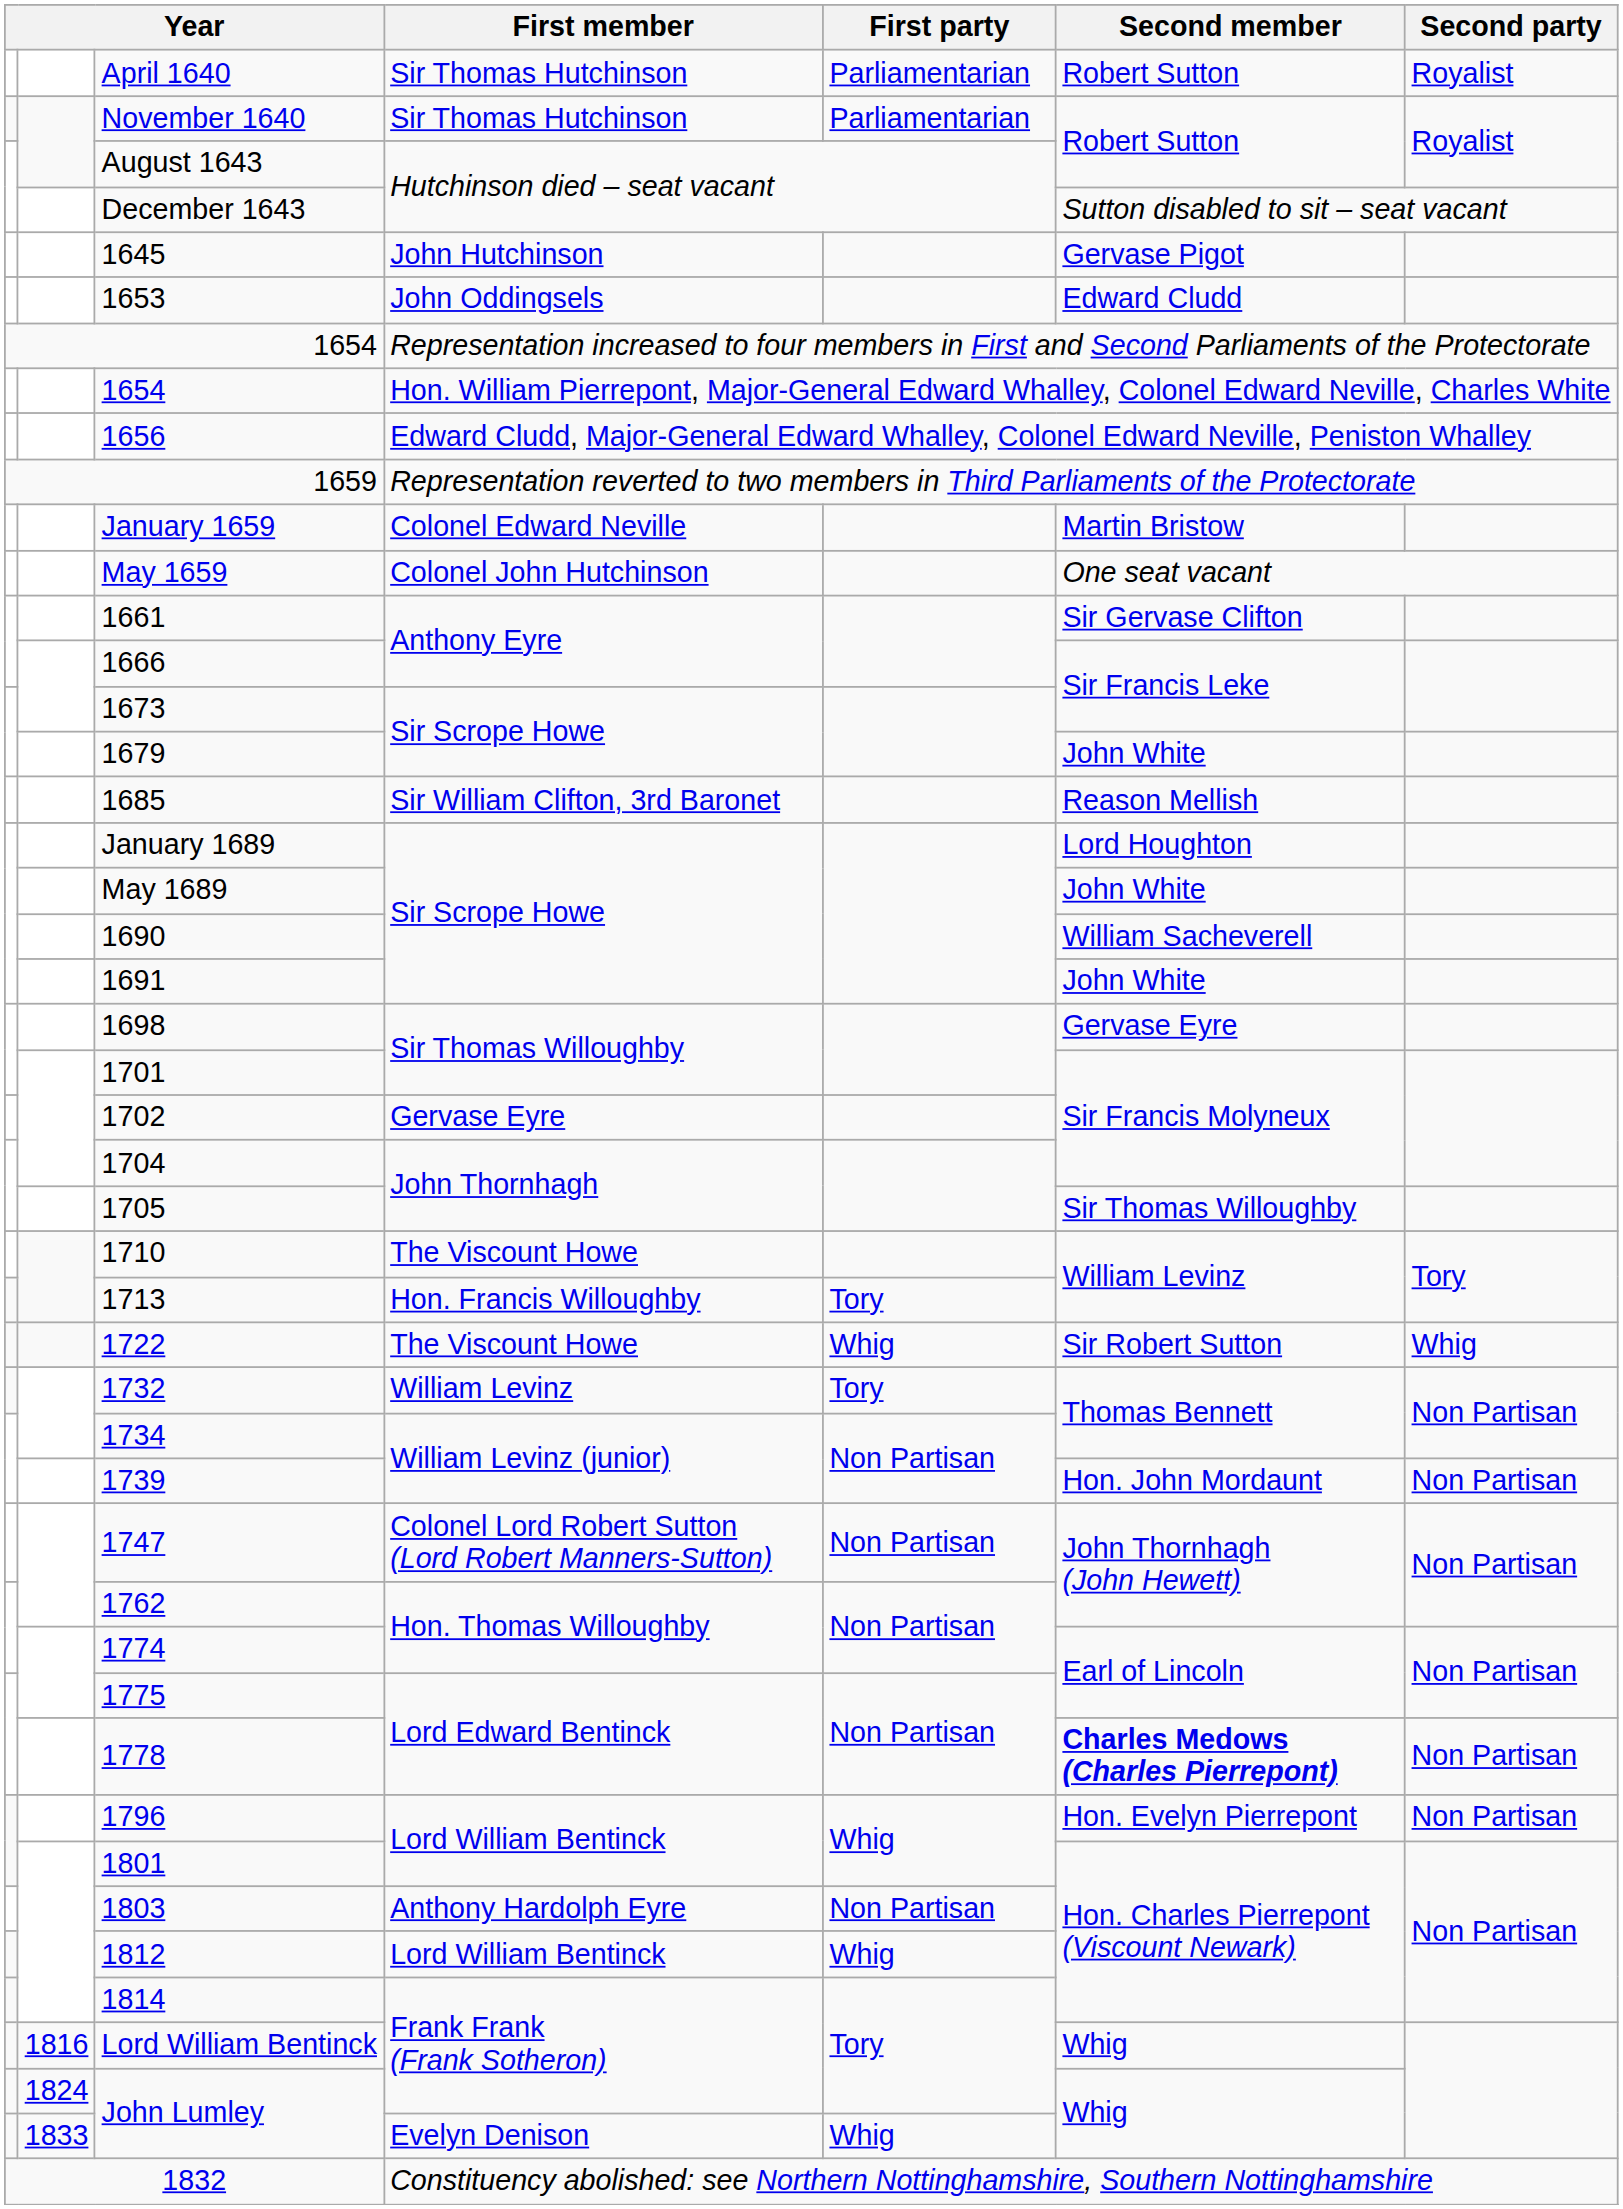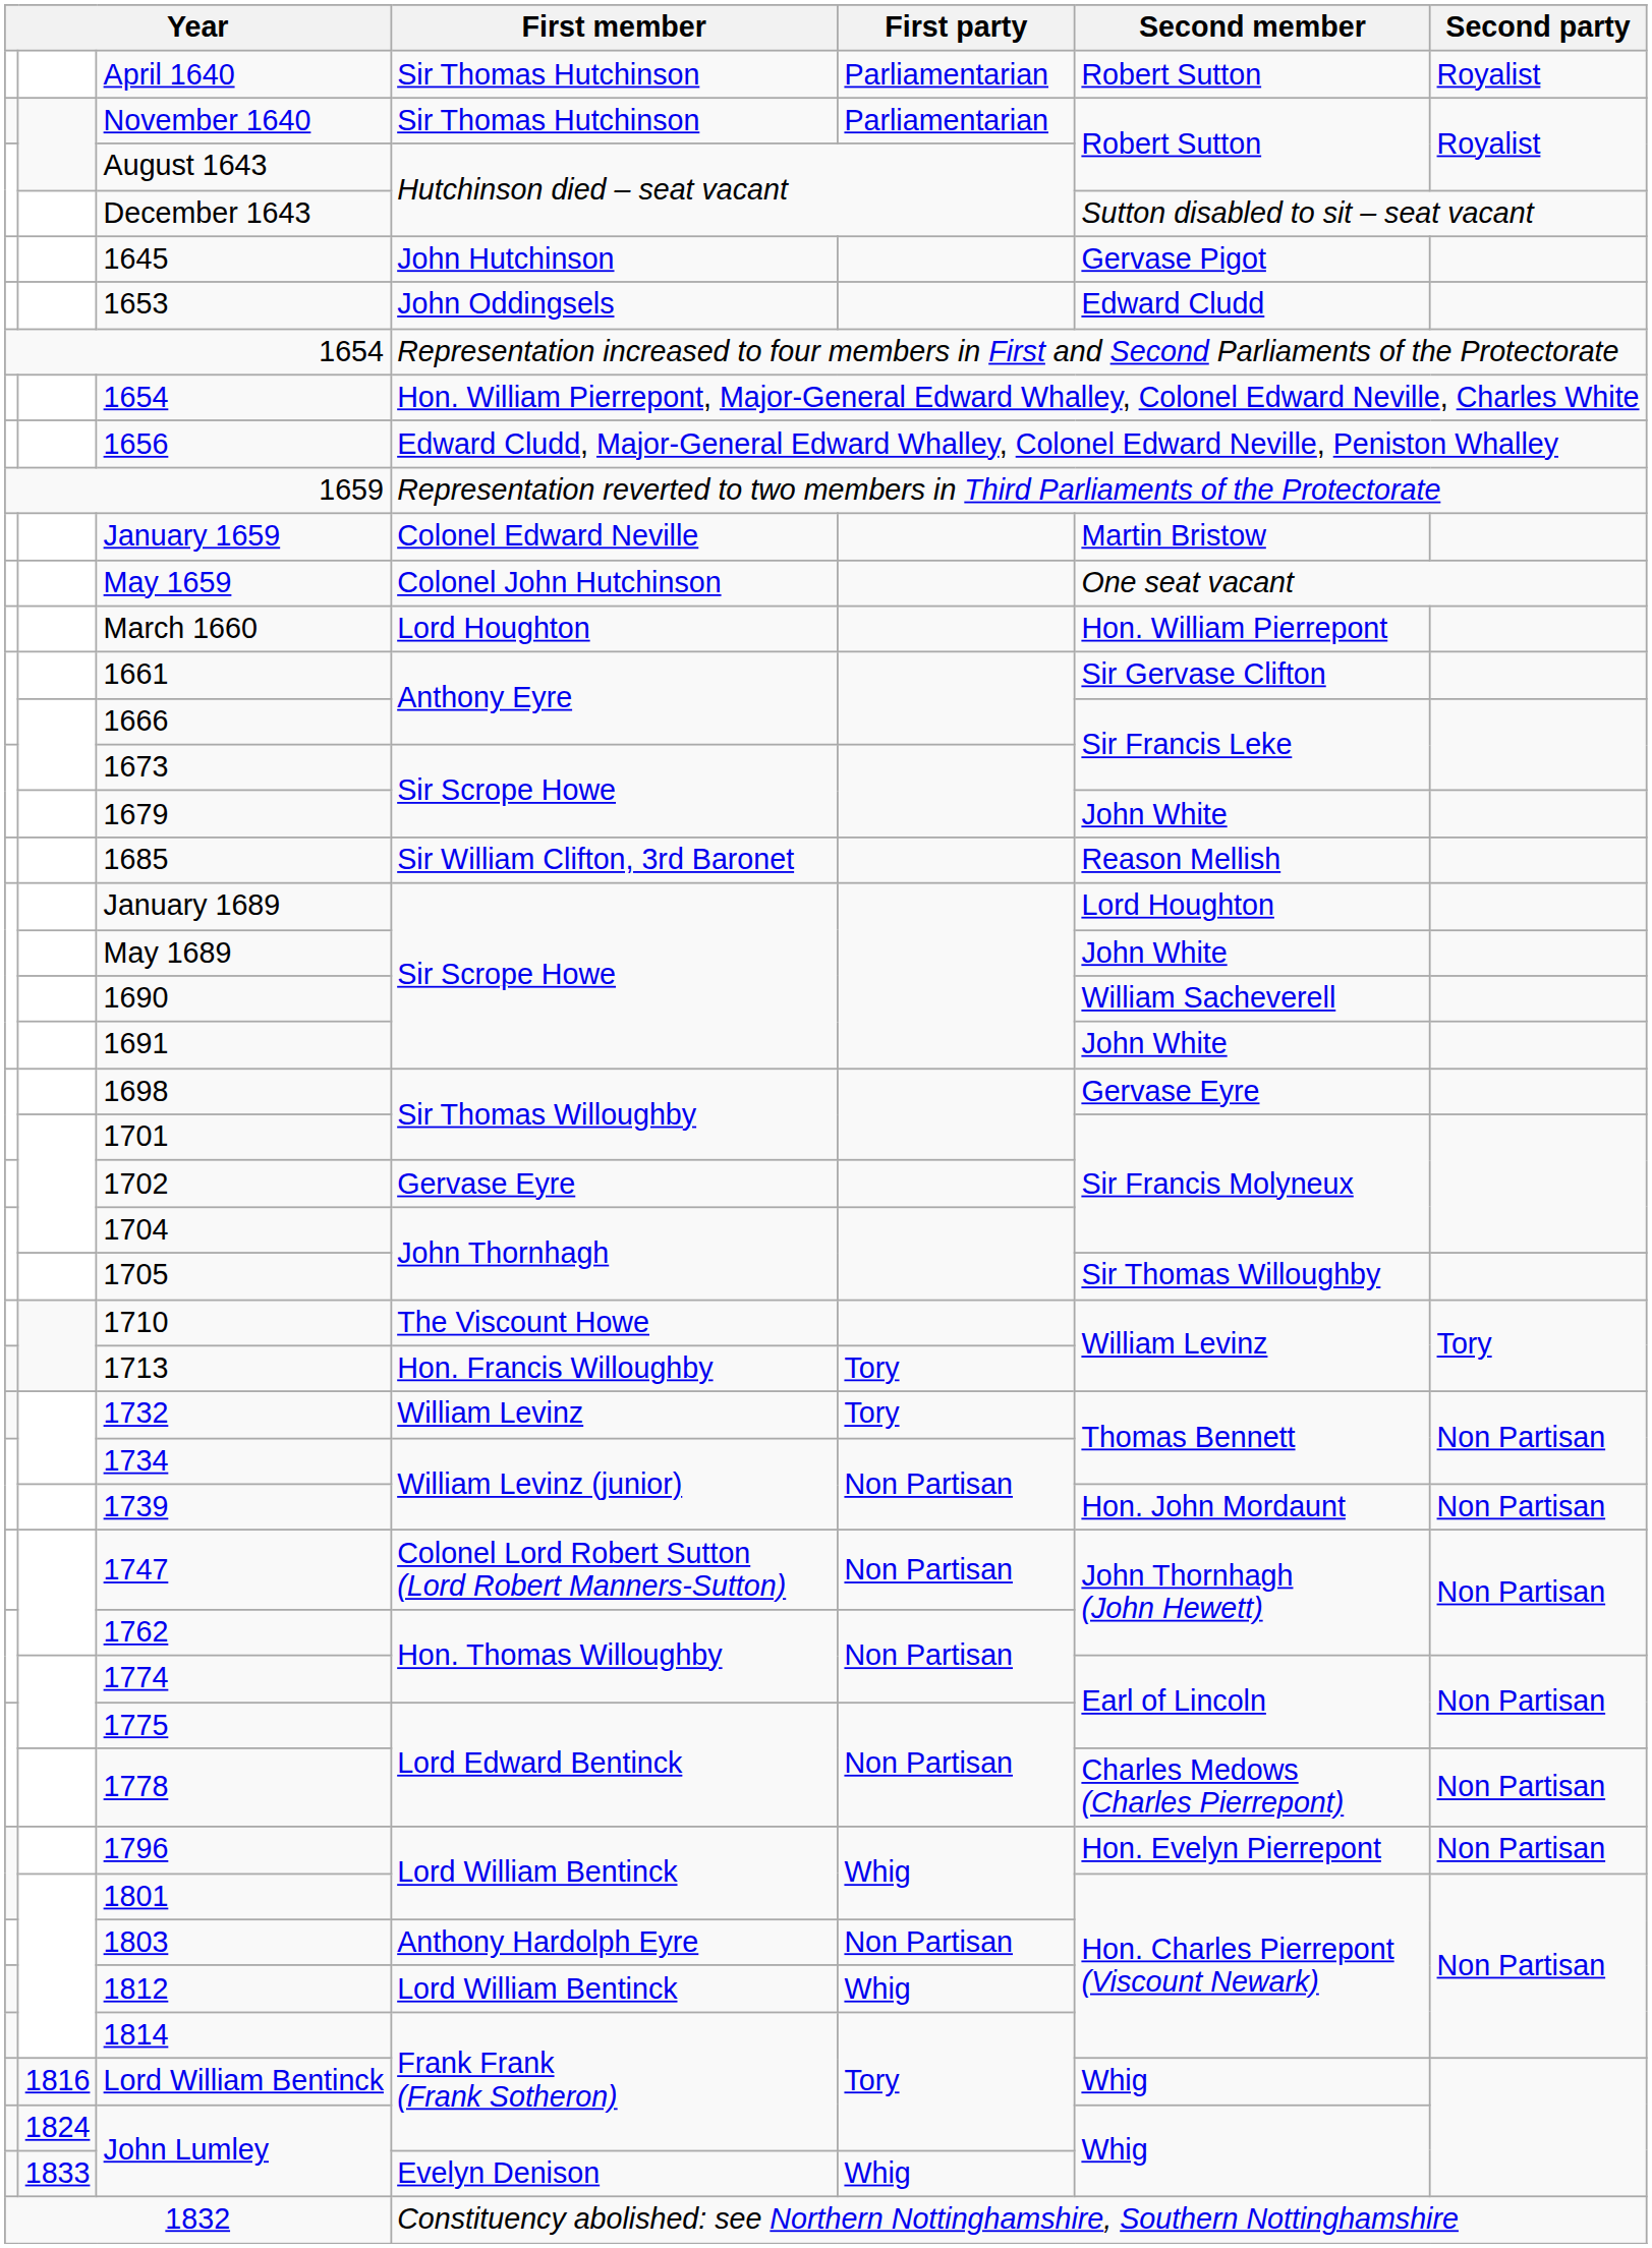 <table class="wikitable">
 <tr>
 <th colspan="3">Year</th>
 <th>First member</th>
 <th>First party</th>
 <th>Second member</th>
 <th>Second party</th>
 </tr>
 <tr>
 <td style="color:inherit;background-color: white"></td>
 <td style="color:inherit;background-color: white"></td>
 <td><a href='#'>April 1640</a></td>
 <td><a href='#'>Sir Thomas Hutchinson</a></td>
 <td><a href='#'>Parliamentarian</a></td>
 <td><a href='#'>Robert Sutton</a></td>
 <td><a href='#'>Royalist</a></td>
 </tr>
 <tr>
 <td style="color:inherit;background-color: "></td>
 <td rowspan="2" style="color:inherit;background-color: "></td>
 <td><a href='#'>November 1640</a></td>
 <td><a href='#'>Sir Thomas Hutchinson</a></td>
 <td><a href='#'>Parliamentarian</a></td>
 <td rowspan="2"><a href='#'>Robert Sutton</a></td>
 <td rowspan="2"><a href='#'>Royalist</a></td>
 </tr>
 <tr>
 <td rowspan="2" style="color:inherit;background-color: white"></td>
 <td>August 1643</td>
 <td rowspan="2" colspan="2"><em>Hutchinson died – seat vacant</em></td>
 </tr>
 <tr>
 <td style="color:inherit;background-color: white"></td>
 <td>December 1643</td>
 <td colspan="2"><em>Sutton disabled to sit – seat vacant</em></td>
 </tr>
 <tr>
 <td style="color:inherit;background-color: white"></td>
 <td style="color:inherit;background-color: white"></td>
 <td>1645</td>
 <td><a href='#'>John Hutchinson</a></td>
 <td></td>
 <td><a href='#'>Gervase Pigot</a></td>
 <td></td>
 </tr>
 <tr>
 <td style="color:inherit;background-color: white"></td>
 <td style="color:inherit;background-color: white"></td>
 <td>1653</td>
 <td><a href='#'>John Oddingsels</a></td>
 <td></td>
 <td><a href='#'>Edward Cludd</a></td>
 <td></td>
 </tr>
 <tr>
 <td colspan="3" align="right">1654</td>
 <td colspan="4"><em>Representation increased to four members in <a href='#'>First</a> and <a href='#'>Second</a> Parliaments of the Protectorate</em></td>
 </tr>
 <tr>
 <td style="color:inherit;background-color: white"></td>
 <td style="color:inherit;background-color: white"></td>
 <td><a href='#'>1654</a></td>
 <td colspan="4"><a href='#'>Hon. William Pierrepont</a>, <a href='#'>Major-General Edward Whalley</a>, <a href='#'>Colonel Edward Neville</a>, <a href='#'>Charles White</a></td>
 </tr>
 <tr>
 <td style="color:inherit;background-color: white"></td>
 <td style="color:inherit;background-color: white"></td>
 <td><a href='#'>1656</a></td>
 <td colspan="4"><a href='#'>Edward Cludd</a>, <a href='#'>Major-General Edward Whalley</a>, <a href='#'>Colonel Edward Neville</a>, <a href='#'>Peniston Whalley</a></td>
 </tr>
 <tr>
 <td colspan="3" align="right">1659</td>
 <td colspan="4"><em>Representation reverted to two members in <a href='#'>Third Parliaments of the Protectorate</a></em></td>
 </tr>
 <tr>
 <td style="color:inherit;background-color: white"></td>
 <td style="color:inherit;background-color: white"></td>
 <td><a href='#'>January 1659</a></td>
 <td><a href='#'>Colonel Edward Neville</a></td>
 <td></td>
 <td><a href='#'>Martin Bristow</a></td>
 <td></td>
 </tr>
 <tr>
 <td style="color:inherit;background-color: white"></td>
 <td style="color:inherit;background-color: white"></td>
 <td><a href='#'>May 1659</a></td>
 <td><a href='#'>Colonel John Hutchinson</a></td>
 <td></td>
 <td colspan="2"><em>One seat vacant</em></td>
+</tr>
+<tr>
+<td style="color:inherit;background-color: white"></td>
+<td style="color:inherit;background-color: white"></td>
+<td>March 1660</td>
+<td><a href='#'>Lord Houghton</a></td>
+<td></td>
+<td><a href='#'>Hon. William Pierrepont</a></td>
+<td></td>
 </tr>
 <tr>
 <td rowspan="2" style="color:inherit;background-color: white"></td>
 <td style="color:inherit;background-color: white"></td>
 <td>1661</td>
 <td rowspan="2"><a href='#'>Anthony Eyre</a></td>
 <td rowspan="2"></td>
 <td><a href='#'>Sir Gervase Clifton</a></td>
 <td></td>
 </tr>
 <tr>
 <td rowspan="2" style="color:inherit;background-color: white"></td>
 <td>1666</td>
 <td rowspan="2"><a href='#'>Sir Francis Leke</a></td>
 <td rowspan="2"></td>
 </tr>
 <tr>
 <td rowspan="2" style="color:inherit;background-color: white"></td>
 <td>1673</td>
 <td rowspan="2"><a href='#'>Sir Scrope Howe</a></td>
 <td rowspan="2"></td>
 </tr>
 <tr>
 <td style="color:inherit;background-color: white"></td>
 <td>1679</td>
 <td><a href='#'>John White</a></td>
 <td></td>
 </tr>
 <tr>
 <td style="color:inherit;background-color: white"></td>
 <td style="color:inherit;background-color: white"></td>
 <td>1685</td>
 <td><a href='#'>Sir William Clifton, 3rd Baronet</a></td>
 <td></td>
 <td><a href='#'>Reason Mellish</a></td>
 <td></td>
 </tr>
 <tr>
 <td rowspan="4" style="color:inherit;background-color: white"></td>
 <td style="color:inherit;background-color: white"></td>
 <td>January 1689</td>
 <td rowspan="4"><a href='#'>Sir Scrope Howe</a></td>
 <td rowspan="4"></td>
 <td><a href='#'>Lord Houghton</a></td>
 <td></td>
 </tr>
 <tr>
 <td style="color:inherit;background-color: white"></td>
 <td>May 1689</td>
 <td><a href='#'>John White</a></td>
 <td></td>
 </tr>
 <tr>
 <td style="color:inherit;background-color: white"></td>
 <td>1690</td>
 <td><a href='#'>William Sacheverell</a></td>
 <td></td>
 </tr>
 <tr>
 <td style="color:inherit;background-color: white"></td>
 <td>1691</td>
 <td><a href='#'>John White</a></td>
 <td></td>
 </tr>
 <tr>
 <td rowspan="2" style="color:inherit;background-color: white"></td>
 <td style="color:inherit;background-color: white"></td>
 <td>1698</td>
 <td rowspan="2"><a href='#'>Sir Thomas Willoughby</a></td>
 <td rowspan="2"></td>
 <td><a href='#'>Gervase Eyre</a></td>
 <td></td>
 </tr>
 <tr>
 <td rowspan="3" style="color:inherit;background-color: white"></td>
 <td>1701</td>
 <td rowspan="3"><a href='#'>Sir Francis Molyneux</a></td>
 <td rowspan="3"></td>
 </tr>
 <tr>
 <td style="color:inherit;background-color: white"></td>
 <td>1702</td>
 <td><a href='#'>Gervase Eyre</a></td>
 <td></td>
 </tr>
 <tr>
 <td rowspan="2" style="color:inherit;background-color: white"></td>
 <td>1704</td>
 <td rowspan="2"><a href='#'>John Thornhagh</a></td>
 <td rowspan="2"></td>
 </tr>
 <tr>
 <td style="color:inherit;background-color: white"></td>
 <td>1705</td>
 <td><a href='#'>Sir Thomas Willoughby</a></td>
 <td></td>
 </tr>
 <tr>
 <td style="color:inherit;background-color: white"></td>
 <td rowspan="2" style="color:inherit;background-color: "></td>
 <td>1710</td>
 <td><a href='#'>The Viscount Howe</a></td>
 <td></td>
 <td rowspan="2"><a href='#'>William Levinz</a></td>
 <td rowspan="2"><a href='#'>Tory</a></td>
 </tr>
 <tr>
 <td style="color:inherit;background-color: "></td>
 <td>1713</td>
 <td><a href='#'>Hon. Francis Willoughby</a></td>
 <td><a href='#'>Tory</a></td>
 </tr>
 <tr>
 <td style="color:inherit;background-color: "></td>
-<td style="color:inherit;background-color: "></td>
-<td><a href='#'>1722</a></td>
-<td><a href='#'>The Viscount Howe</a></td>
-<td><a href='#'>Whig</a></td>
-<td><a href='#'>Sir Robert Sutton</a></td>
-<td><a href='#'>Whig</a></td>
-</tr>
-<tr>
-<td style="color:inherit;background-color: "></td>
 <td style="color:inherit;background-color: white" rowspan="2"></td>
 <td><a href='#'>1732</a></td>
 <td><a href='#'>William Levinz</a></td>
 <td><a href='#'>Tory</a></td>
 <td rowspan="2"><a href='#'>Thomas Bennett</a></td>
 <td rowspan="2"><a href='#'>Non Partisan</a></td>
 </tr>
 <tr>
 <td style="color:inherit;background-color: white" rowspan="2"></td>
 <td><a href='#'>1734</a></td>
 <td rowspan="2"><a href='#'>William Levinz (junior)</a></td>
 <td rowspan="2"><a href='#'>Non Partisan</a></td>
 </tr>
 <tr>
 <td style="color:inherit;background-color: white"></td>
 <td><a href='#'>1739</a></td>
 <td><a href='#'>Hon. John Mordaunt</a></td>
 <td><a href='#'>Non Partisan</a></td>
 </tr>
 <tr>
 <td style="color:inherit;background-color: white"></td>
 <td style="color:inherit;background-color: white" rowspan="2"></td>
 <td><a href='#'>1747</a></td>
 <td><a href='#'>Colonel Lord Robert Sutton<br><em>(Lord Robert Manners-Sutton)</em></a></td>
 <td><a href='#'>Non Partisan</a></td>
 <td rowspan="2"><a href='#'>John Thornhagh<br><em>(John Hewett)</em></a></td>
 <td rowspan="2"><a href='#'>Non Partisan</a></td>
 </tr>
 <tr>
 <td style="color:inherit;background-color: white" rowspan="2"></td>
 <td><a href='#'>1762</a></td>
 <td rowspan="2"><a href='#'>Hon. Thomas Willoughby</a></td>
 <td rowspan="2"><a href='#'>Non Partisan</a></td>
 </tr>
 <tr>
 <td style="color:inherit;background-color: white" rowspan="2"></td>
 <td><a href='#'>1774</a></td>
 <td rowspan="2"><a href='#'>Earl of Lincoln</a></td>
 <td rowspan="2"><a href='#'>Non Partisan</a></td>
 </tr>
 <tr>
 <td style="color:inherit;background-color: white" rowspan="2"></td>
 <td><a href='#'>1775</a></td>
 <td rowspan="2"><a href='#'>Lord Edward Bentinck</a></td>
 <td rowspan="2"><a href='#'>Non Partisan</a></td>
 </tr>
 <tr>
 <td style="color:inherit;background-color: white"></td>
 <td><a href='#'>1778</a></td>
-<td><strong><a href='#'>Charles Medows<br><em>(Charles Pierrepont)</em></a></strong></td>
+<td><a href='#'>Charles Medows<br><em>(Charles Pierrepont)</em></a></td>
 <td><a href='#'>Non Partisan</a></td>
 </tr>
 <tr>
 <td rowspan="2" style="color:inherit;background-color: "></td>
 <td style="color:inherit;background-color: white"></td>
 <td><a href='#'>1796</a></td>
 <td rowspan="2"><a href='#'>Lord William Bentinck</a></td>
 <td rowspan="2"><a href='#'>Whig</a></td>
 <td><a href='#'>Hon. Evelyn Pierrepont</a></td>
 <td><a href='#'>Non Partisan</a></td>
 </tr>
 <tr>
 <td style="color:inherit;background-color: white" rowspan="4"></td>
 <td><a href='#'>1801</a></td>
 <td rowspan="4"><a href='#'>Hon. Charles Pierrepont<br><em>(Viscount Newark)</em></a></td>
 <td rowspan="4"><a href='#'>Non Partisan</a></td>
 </tr>
 <tr>
 <td style="color:inherit;background-color: white"></td>
 <td><a href='#'>1803</a></td>
 <td><a href='#'>Anthony Hardolph Eyre</a></td>
 <td><a href='#'>Non Partisan</a></td>
 </tr>
 <tr>
 <td style="color:inherit;background-color: "></td>
 <td><a href='#'>1812</a></td>
 <td><a href='#'>Lord William Bentinck</a></td>
 <td><a href='#'>Whig</a></td>
 </tr>
 <tr>
 <td style="color:inherit;background-color: "></td>
 <td><a href='#'>1814</a></td>
 <td rowspan="3"><a href='#'>Frank Frank<br><em>(Frank Sotheron)</em></a></td>
 <td rowspan="3"><a href='#'>Tory</a></td>
 </tr>
 <tr>
 <td style="color:inherit;background-color: "></td>
 <td><a href='#'>1816</a></td>
 <td><a href='#'>Lord William Bentinck</a></td>
 <td><a href='#'>Whig</a></td>
 </tr>
 <tr>
 <td style="color:inherit;background-color: "></td>
 <td><a href='#'>1824</a></td>
 <td rowspan="2"><a href='#'>John Lumley</a></td>
 <td rowspan="2"><a href='#'>Whig</a></td>
 </tr>
 <tr>
 <td style="color:inherit;background-color: "></td>
 <td><a href='#'>1833</a></td>
 <td><a href='#'>Evelyn Denison</a></td>
 <td><a href='#'>Whig</a></td>
 </tr>
 <tr>
 <td colspan="3" align="center"><a href='#'>1832</a></td>
 <td colspan="4"><em>Constituency abolished: see <a href='#'>Northern Nottinghamshire</a>, <a href='#'>Southern Nottinghamshire</a></em></td>
 </tr>
 <tr>
 </tr>
 </table>
